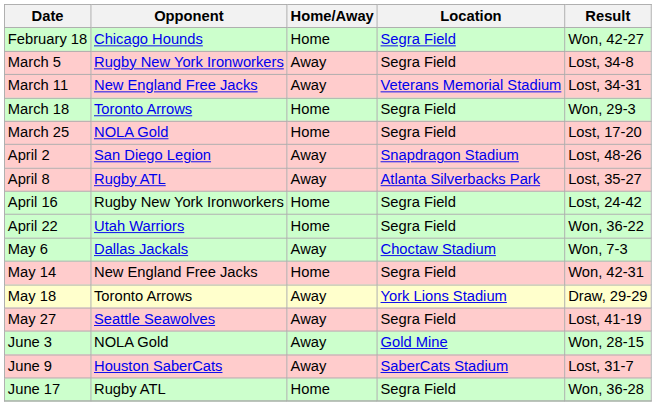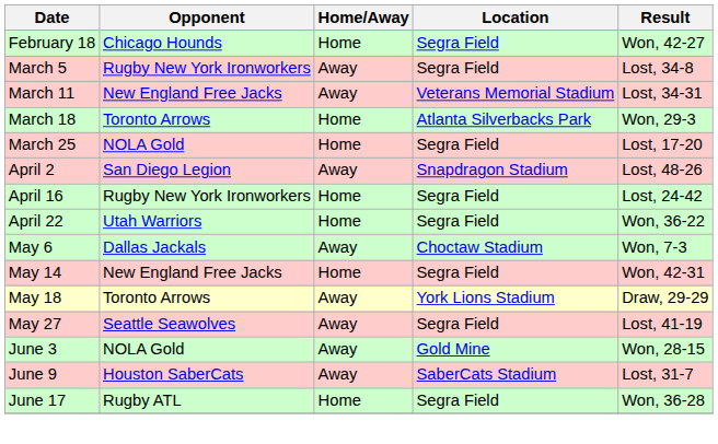 <table class="wikitable">
 <tr>
 <th>Date</th>
 <th>Opponent</th>
 <th>Home/Away</th>
 <th>Location</th>
 <th>Result</th>
 </tr>
 <tr bgcolor="CCFFCC">
 <td>February 18</td>
 <td><a href='#'>Chicago Hounds</a></td>
 <td>Home</td>
 <td><a href='#'>Segra Field</a></td>
 <td>Won, 42-27</td>
 </tr>
 <tr bgcolor="#FFCCCC">
 <td>March 5</td>
 <td><a href='#'>Rugby New York Ironworkers</a></td>
 <td>Away</td>
 <td>Segra Field</td>
 <td>Lost, 34-8</td>
 </tr>
 <tr bgcolor="#FFCCCC">
 <td>March 11</td>
 <td><a href='#'>New England Free Jacks</a></td>
 <td>Away</td>
 <td><a href='#'>Veterans Memorial Stadium</a></td>
 <td>Lost, 34-31</td>
 </tr>
 <tr bgcolor="CCFFCC">
 <td>March 18</td>
 <td><a href='#'>Toronto Arrows</a></td>
 <td>Home</td>
-<td>Segra Field</td>
+<td><a href='#'>Atlanta Silverbacks Park</a></td>
 <td>Won, 29-3</td>
 </tr>
 <tr bgcolor="#FFCCCC">
 <td>March 25</td>
 <td><a href='#'>NOLA Gold</a></td>
 <td>Home</td>
 <td>Segra Field</td>
 <td>Lost, 17-20</td>
 </tr>
 <tr bgcolor="#FFCCCC">
 <td>April 2</td>
 <td><a href='#'>San Diego Legion</a></td>
 <td>Away</td>
 <td><a href='#'>Snapdragon Stadium</a></td>
 <td>Lost, 48-26</td>
-</tr>
-<tr bgcolor="#FFCCCC">
-<td>April 8</td>
-<td><a href='#'>Rugby ATL</a></td>
-<td>Away</td>
-<td><a href='#'>Atlanta Silverbacks Park</a></td>
-<td>Lost, 35-27</td>
 </tr>
 <tr bgcolor="#CCFFCC">
 <td>April 16</td>
 <td>Rugby New York Ironworkers</td>
 <td>Home</td>
 <td>Segra Field</td>
 <td>Lost, 24-42</td>
 </tr>
 <tr bgcolor="#CCFFCC">
 <td>April 22</td>
 <td><a href='#'>Utah Warriors</a></td>
 <td>Home</td>
 <td>Segra Field</td>
 <td>Won, 36-22</td>
 </tr>
 <tr bgcolor="#CCFFCC">
 <td>May 6</td>
 <td><a href='#'>Dallas Jackals</a></td>
 <td>Away</td>
 <td><a href='#'>Choctaw Stadium</a></td>
 <td>Won, 7-3</td>
 </tr>
 <tr bgcolor="#FFCCCC">
 <td>May 14</td>
 <td>New England Free Jacks</td>
 <td>Home</td>
 <td>Segra Field</td>
 <td>Won, 42-31</td>
 </tr>
 <tr bgcolor="#FFFFCC">
 <td>May 18</td>
 <td>Toronto Arrows</td>
 <td>Away</td>
 <td><a href='#'>York Lions Stadium</a></td>
 <td>Draw, 29-29</td>
 </tr>
 <tr bgcolor="#FFCCCC">
 <td>May 27</td>
 <td><a href='#'>Seattle Seawolves</a></td>
 <td>Away</td>
 <td>Segra Field</td>
 <td>Lost, 41-19</td>
 </tr>
 <tr bgcolor="CCFFCC">
 <td>June 3</td>
 <td>NOLA Gold</td>
 <td>Away</td>
 <td><a href='#'>Gold Mine</a></td>
 <td>Won, 28-15</td>
 </tr>
 <tr bgcolor="#FFCCCC">
 <td>June 9</td>
 <td><a href='#'>Houston SaberCats</a></td>
 <td>Away</td>
 <td><a href='#'>SaberCats Stadium</a></td>
 <td>Lost, 31-7</td>
 </tr>
 <tr bgcolor="CCFFCC">
 <td>June 17</td>
 <td>Rugby ATL</td>
 <td>Home</td>
 <td>Segra Field</td>
 <td>Won, 36-28</td>
 </tr>
 <tr>
 </tr>
 </table>
